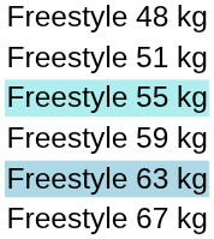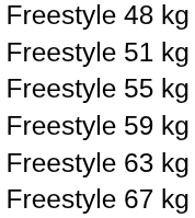 <table>
 <tr>
 <td>Freestyle 48 kg</td>
 <td></td>
 <td></td>
 <td><br></td>
 </tr>
 <tr>
 <td>Freestyle 51 kg</td>
 <td></td>
 <td></td>
 <td><br></td>
 </tr>
 <tr>
-<td style="background: paleturquoise;">Freestyle 55 kg</td>
+<td>Freestyle 55 kg</td>
 <td></td>
 <td></td>
 <td><br></td>
 </tr>
 <tr>
 <td>Freestyle 59 kg</td>
 <td></td>
 <td></td>
 <td><br></td>
 </tr>
 <tr>
-<td style="background: lightblue;">Freestyle 63 kg</td>
+<td>Freestyle 63 kg</td>
 <td></td>
 <td></td>
 <td></td>
 </tr>
 <tr>
 <td>Freestyle 67 kg</td>
 <td></td>
 <td></td>
 <td></td>
 </tr>
 <tr>
 </tr>
 </table>
